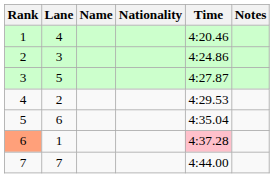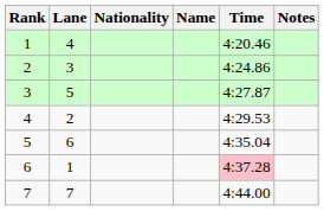 <table class="wikitable sortable" style="text-align:center">
 <tr>
 <th>Rank</th>
 <th>Lane</th>
+<th>Nationality</th>
 <th>Name</th>
-<th>Nationality</th>
 <th>Time</th>
 <th>Notes</th>
 </tr>
 <tr bgcolor=ccffcc>
 <td>1</td>
 <td>4</td>
 <td align=left></td>
 <td align=left></td>
 <td>4:20.46</td>
 <td><strong></strong></td>
 </tr>
 <tr bgcolor=ccffcc>
 <td>2</td>
 <td>3</td>
 <td align=left></td>
 <td align=left></td>
 <td>4:24.86</td>
 <td><strong></strong></td>
 </tr>
 <tr bgcolor=ccffcc>
 <td>3</td>
 <td>5</td>
 <td align=left></td>
 <td align=left></td>
 <td>4:27.87</td>
 <td><strong></strong></td>
 </tr>
 <tr>
 <td>4</td>
 <td>2</td>
 <td align=left></td>
 <td align=left></td>
 <td>4:29.53</td>
 <td></td>
 </tr>
 <tr>
 <td>5</td>
 <td>6</td>
 <td align=left></td>
 <td align=left></td>
 <td>4:35.04</td>
 <td></td>
 </tr>
 <tr>
-<td style="background: lightsalmon;">6</td>
+<td>6</td>
 <td>1</td>
 <td align=left></td>
 <td align=left></td>
 <td style="background: pink;">4:37.28</td>
 <td></td>
 </tr>
 <tr>
 <td>7</td>
 <td>7</td>
 <td align=left></td>
 <td align=left></td>
 <td>4:44.00</td>
 <td></td>
 </tr>
 </table>
